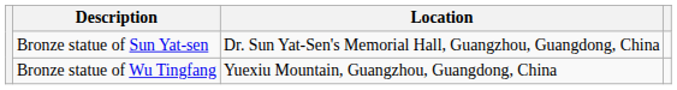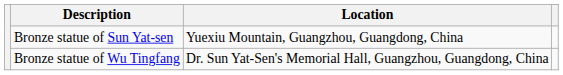 <table class="wikitable">
 <tr>
 <th rowspan="3"></th>
 <th>Description</th>
 <th>Location</th>
 <th></th>
 </tr>
 <tr>
 <td>Bronze statue of <a href='#'>Sun Yat-sen</a></td>
-<td>Dr. Sun Yat-Sen's Memorial Hall, Guangzhou, Guangdong, China</td>
+<td>Yuexiu Mountain, Guangzhou, Guangdong, China</td>
 <td></td>
 </tr>
 <tr>
 <td>Bronze statue of <a href='#'>Wu Tingfang</a></td>
-<td>Yuexiu Mountain, Guangzhou, Guangdong, China</td>
+<td>Dr. Sun Yat-Sen's Memorial Hall, Guangzhou, Guangdong, China</td>
 <td></td>
 </tr>
 </table>
